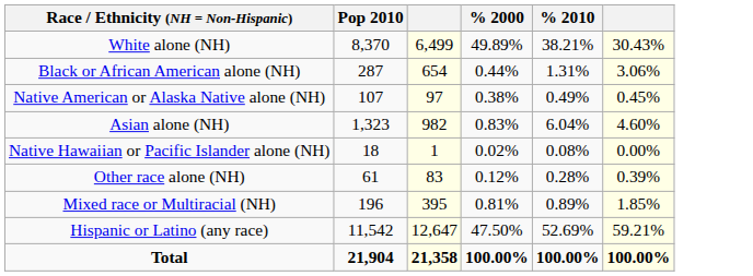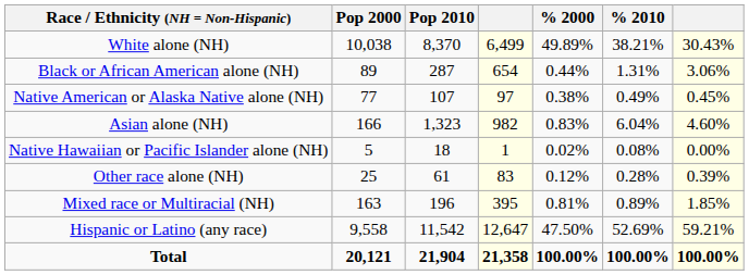 <table class="wikitable" style="text-align:center;">
 <tr>
 <th>Race / Ethnicity <small>(<em>NH = Non-Hispanic</em>)</small></th>
+<th>Pop 2000</th>
 <th>Pop 2010</th>
 <th></th>
 <th>% 2000</th>
 <th>% 2010</th>
 <th></th>
 </tr>
 <tr>
 <td><a href='#'>White</a> alone (NH)</td>
+<td>10,038</td>
 <td>8,370</td>
 <td style='background: #ffffe6;'>6,499</td>
 <td>49.89%</td>
 <td>38.21%</td>
 <td style='background: #ffffe6;'>30.43%</td>
 </tr>
 <tr>
 <td><a href='#'>Black or African American</a> alone (NH)</td>
+<td>89</td>
 <td>287</td>
 <td style='background: #ffffe6;'>654</td>
 <td>0.44%</td>
 <td>1.31%</td>
 <td style='background: #ffffe6;'>3.06%</td>
 </tr>
 <tr>
 <td><a href='#'>Native American</a> or <a href='#'>Alaska Native</a> alone (NH)</td>
+<td>77</td>
 <td>107</td>
 <td style='background: #ffffe6;'>97</td>
 <td>0.38%</td>
 <td>0.49%</td>
 <td style='background: #ffffe6;'>0.45%</td>
 </tr>
 <tr>
 <td><a href='#'>Asian</a> alone (NH)</td>
+<td>166</td>
 <td>1,323</td>
 <td style='background: #ffffe6;'>982</td>
 <td>0.83%</td>
 <td>6.04%</td>
 <td style='background: #ffffe6;'>4.60%</td>
 </tr>
 <tr>
 <td><a href='#'>Native Hawaiian</a> or <a href='#'>Pacific Islander</a> alone (NH)</td>
+<td>5</td>
 <td>18</td>
 <td style='background: #ffffe6;'>1</td>
 <td>0.02%</td>
 <td>0.08%</td>
 <td style='background: #ffffe6;'>0.00%</td>
 </tr>
 <tr>
 <td><a href='#'>Other race</a> alone (NH)</td>
+<td>25</td>
 <td>61</td>
 <td style='background: #ffffe6;'>83</td>
 <td>0.12%</td>
 <td>0.28%</td>
 <td style='background: #ffffe6;'>0.39%</td>
 </tr>
 <tr>
 <td><a href='#'>Mixed race or Multiracial</a> (NH)</td>
+<td>163</td>
 <td>196</td>
 <td style='background: #ffffe6;'>395</td>
 <td>0.81%</td>
 <td>0.89%</td>
 <td style='background: #ffffe6;'>1.85%</td>
 </tr>
 <tr>
 <td><a href='#'>Hispanic or Latino</a> (any race)</td>
+<td>9,558</td>
 <td>11,542</td>
 <td style='background: #ffffe6;'>12,647</td>
 <td>47.50%</td>
 <td>52.69%</td>
 <td style='background: #ffffe6;'>59.21%</td>
 </tr>
 <tr>
 <td><strong>Total</strong></td>
+<td><strong>20,121</strong></td>
 <td><strong>21,904</strong></td>
 <td style='background: #ffffe6;'><strong>21,358</strong></td>
 <td><strong>100.00%</strong></td>
 <td><strong>100.00%</strong></td>
 <td style='background: #ffffe6;'><strong>100.00%</strong></td>
 </tr>
 </table>
